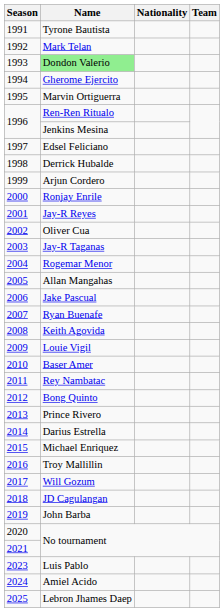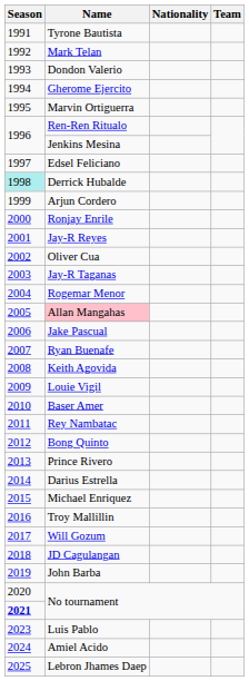 <table class="wikitable">
 <tr>
 <th>Season</th>
 <th>Name</th>
 <th>Nationality</th>
 <th>Team</th>
 </tr>
 <tr>
 <td>1991</td>
 <td>Tyrone Bautista</td>
 <td></td>
 <td></td>
 </tr>
 <tr>
 <td>1992</td>
 <td><a href='#'>Mark Telan</a></td>
 <td></td>
 <td></td>
 </tr>
 <tr>
 <td>1993</td>
-<td style="background: lightgreen;">Dondon Valerio</td>
+<td>Dondon Valerio</td>
 <td></td>
 <td></td>
 </tr>
 <tr>
 <td>1994</td>
 <td><a href='#'>Gherome Ejercito</a></td>
 <td></td>
 <td></td>
 </tr>
 <tr>
 <td>1995</td>
 <td>Marvin Ortiguerra</td>
 <td></td>
 <td></td>
 </tr>
 <tr>
 <td rowspan="2">1996</td>
 <td><a href='#'>Ren-Ren Ritualo</a> </td>
 <td></td>
 <td rowspan="2"></td>
 </tr>
 <tr>
 <td>Jenkins Mesina</td>
 <td></td>
 </tr>
 <tr>
 <td>1997</td>
 <td>Edsel Feliciano</td>
 <td></td>
 <td></td>
 </tr>
 <tr>
-<td>1998</td>
+<td style="background: paleturquoise;">1998</td>
 <td>Derrick Hubalde</td>
 <td></td>
 <td></td>
 </tr>
 <tr>
 <td>1999</td>
 <td>Arjun Cordero</td>
 <td></td>
 <td></td>
 </tr>
 <tr>
 <td><a href='#'>2000</a></td>
 <td><a href='#'>Ronjay Enrile</a></td>
 <td></td>
 <td></td>
 </tr>
 <tr>
 <td><a href='#'>2001</a></td>
 <td><a href='#'>Jay-R Reyes</a></td>
 <td></td>
 <td></td>
 </tr>
 <tr>
 <td><a href='#'>2002</a></td>
 <td>Oliver Cua</td>
 <td></td>
 <td></td>
 </tr>
 <tr>
 <td><a href='#'>2003</a></td>
 <td><a href='#'>Jay-R Taganas</a></td>
 <td></td>
 <td></td>
 </tr>
 <tr>
 <td><a href='#'>2004</a></td>
 <td><a href='#'>Rogemar Menor</a></td>
 <td></td>
 <td></td>
 </tr>
 <tr>
 <td><a href='#'>2005</a></td>
-<td>Allan Mangahas</td>
+<td style="background: pink;">Allan Mangahas</td>
 <td></td>
 <td></td>
 </tr>
 <tr>
 <td><a href='#'>2006</a></td>
 <td><a href='#'>Jake Pascual</a></td>
 <td></td>
 <td></td>
 </tr>
 <tr>
 <td><a href='#'>2007</a></td>
 <td><a href='#'>Ryan Buenafe</a></td>
 <td></td>
 <td></td>
 </tr>
 <tr>
 <td><a href='#'>2008</a></td>
 <td><a href='#'>Keith Agovida</a></td>
 <td></td>
 <td></td>
 </tr>
 <tr>
 <td><a href='#'>2009</a></td>
 <td><a href='#'>Louie Vigil</a></td>
 <td></td>
 <td></td>
 </tr>
 <tr>
 <td><a href='#'>2010</a></td>
 <td><a href='#'>Baser Amer</a></td>
 <td></td>
 <td></td>
 </tr>
 <tr>
 <td><a href='#'>2011</a></td>
 <td><a href='#'>Rey Nambatac</a></td>
 <td></td>
 <td></td>
 </tr>
 <tr>
 <td><a href='#'>2012</a></td>
 <td><a href='#'>Bong Quinto</a></td>
 <td></td>
 <td></td>
 </tr>
 <tr>
 <td><a href='#'>2013</a></td>
 <td>Prince Rivero</td>
 <td></td>
 <td></td>
 </tr>
 <tr>
 <td><a href='#'>2014</a></td>
 <td>Darius Estrella</td>
 <td></td>
 <td></td>
 </tr>
 <tr>
 <td><a href='#'>2015</a></td>
 <td>Michael Enriquez</td>
 <td></td>
 <td></td>
 </tr>
 <tr>
 <td><a href='#'>2016</a></td>
 <td>Troy Mallillin</td>
 <td></td>
 <td></td>
 </tr>
 <tr>
 <td><a href='#'>2017</a></td>
 <td><a href='#'>Will Gozum</a></td>
 <td></td>
 <td></td>
 </tr>
 <tr>
 <td><a href='#'>2018</a></td>
 <td><a href='#'>JD Cagulangan</a></td>
 <td></td>
 <td></td>
 </tr>
 <tr>
 <td><a href='#'>2019</a></td>
 <td>John Barba</td>
 <td></td>
 <td></td>
 </tr>
 <tr>
 <td>2020</td>
 <td colspan="3" rowspan="2">No tournament</td>
 </tr>
 <tr>
-<td><a href='#'>2021</a></td>
+<td><strong><a href='#'>2021</a></strong></td>
 </tr>
 <tr>
 <td><a href='#'>2023</a></td>
 <td>Luis Pablo</td>
 <td></td>
 <td></td>
 </tr>
 <tr>
 <td><a href='#'>2024</a></td>
 <td>Amiel Acido</td>
 <td></td>
 <td></td>
 </tr>
 <tr>
 <td><a href='#'>2025</a></td>
 <td>Lebron Jhames Daep</td>
 <td></td>
 <td></td>
 </tr>
 </table>
